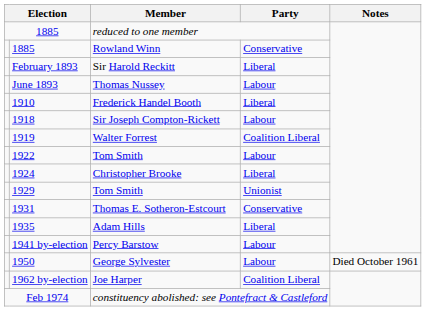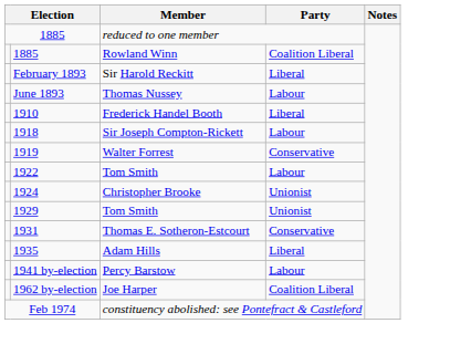 <table class="wikitable">
 <tr>
 <th colspan="2">Election</th>
 <th>Member</th>
 <th>Party</th>
 <th>Notes</th>
 </tr>
 <tr>
 <td colspan="2" align="center"><a href='#'>1885</a></td>
 <td colspan="2"><em>reduced to one member</em></td>
 </tr>
 <tr>
 <td style="color:inherit;background-color: "></td>
 <td><a href='#'>1885</a></td>
 <td><a href='#'>Rowland Winn</a></td>
-<td><a href='#'>Conservative</a></td>
+<td><a href='#'>Coalition Liberal</a></td>
 </tr>
 <tr>
 <td style="color:inherit;background-color: "></td>
 <td><a href='#'>February 1893</a></td>
 <td>Sir <a href='#'>Harold Reckitt</a></td>
 <td><a href='#'>Liberal</a></td>
 </tr>
 <tr>
 <td style="color:inherit;background-color: "></td>
 <td><a href='#'>June 1893</a></td>
 <td><a href='#'>Thomas Nussey</a></td>
 <td><a href='#'>Labour</a></td>
 </tr>
 <tr>
 <td style="color:inherit;background-color: "></td>
 <td><a href='#'>1910</a></td>
 <td><a href='#'>Frederick Handel Booth</a></td>
 <td><a href='#'>Liberal</a></td>
 </tr>
 <tr>
 <td style="color:inherit;background-color: "></td>
 <td><a href='#'>1918</a></td>
 <td><a href='#'>Sir Joseph Compton-Rickett</a></td>
 <td><a href='#'>Labour</a></td>
 </tr>
 <tr>
 <td style="color:inherit;background-color: "></td>
 <td><a href='#'>1919</a></td>
 <td><a href='#'>Walter Forrest</a></td>
-<td><a href='#'>Coalition Liberal</a></td>
+<td><a href='#'>Conservative</a></td>
 </tr>
 <tr>
 <td style="color:inherit;background-color: "></td>
 <td><a href='#'>1922</a></td>
 <td><a href='#'>Tom Smith</a></td>
 <td><a href='#'>Labour</a></td>
 </tr>
 <tr>
 <td style="color:inherit;background-color: "></td>
 <td><a href='#'>1924</a></td>
 <td><a href='#'>Christopher Brooke</a></td>
-<td><a href='#'>Liberal</a></td>
+<td><a href='#'>Unionist</a></td>
 </tr>
 <tr>
 <td style="color:inherit;background-color: "></td>
 <td><a href='#'>1929</a></td>
 <td><a href='#'>Tom Smith</a></td>
 <td><a href='#'>Unionist</a></td>
 </tr>
 <tr>
 <td style="color:inherit;background-color: "></td>
 <td><a href='#'>1931</a></td>
 <td><a href='#'>Thomas E. Sotheron-Estcourt</a></td>
 <td><a href='#'>Conservative</a></td>
 </tr>
 <tr>
 <td style="color:inherit;background-color: "></td>
 <td><a href='#'>1935</a></td>
 <td><a href='#'>Adam Hills</a></td>
 <td><a href='#'>Liberal</a></td>
 </tr>
 <tr>
 <td style="color:inherit;background-color: "></td>
 <td><a href='#'>1941 by-election</a></td>
 <td><a href='#'>Percy Barstow</a></td>
 <td><a href='#'>Labour</a></td>
 </tr>
 <tr>
 <td style="color:inherit;background-color: "></td>
-<td><a href='#'>1950</a></td>
-<td><a href='#'>George Sylvester</a></td>
-<td><a href='#'>Labour</a></td>
-<td>Died October 1961</td>
-</tr>
-<tr>
-<td style="color:inherit;background-color: "></td>
 <td><a href='#'>1962 by-election</a></td>
 <td><a href='#'>Joe Harper</a></td>
 <td><a href='#'>Coalition Liberal</a></td>
 </tr>
 <tr>
 <td colspan="2" align="center"><a href='#'>Feb 1974</a></td>
 <td colspan="2"><em>constituency abolished: see <a href='#'>Pontefract & Castleford</a></em></td>
 </tr>
 </table>
